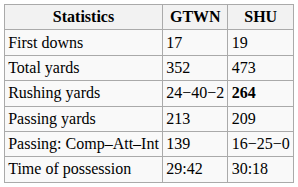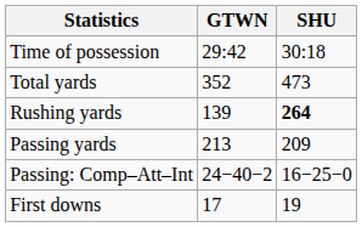 <table class="wikitable" style="float: left;">
 <tr>
 <th>Statistics</th>
 <th>GTWN</th>
 <th>SHU</th>
 </tr>
 <tr>
-<td>First downs</td>
-<td>17</td>
-<td>19</td>
+<td>Time of possession</td>
+<td>29:42</td>
+<td>30:18</td>
 </tr>
 <tr>
 <td>Total yards</td>
 <td>352</td>
 <td>473</td>
 </tr>
 <tr>
 <td>Rushing yards</td>
-<td>24−40−2</td>
+<td>139</td>
 <td><strong>264</strong></td>
 </tr>
 <tr>
 <td>Passing yards</td>
 <td>213</td>
 <td>209</td>
 </tr>
 <tr>
 <td>Passing: Comp–Att–Int</td>
-<td>139</td>
+<td>24−40−2</td>
 <td>16−25−0</td>
 </tr>
 <tr>
-<td>Time of possession</td>
-<td>29:42</td>
-<td>30:18</td>
+<td>First downs</td>
+<td>17</td>
+<td>19</td>
 </tr>
 <tr>
 </tr>
 </table>
